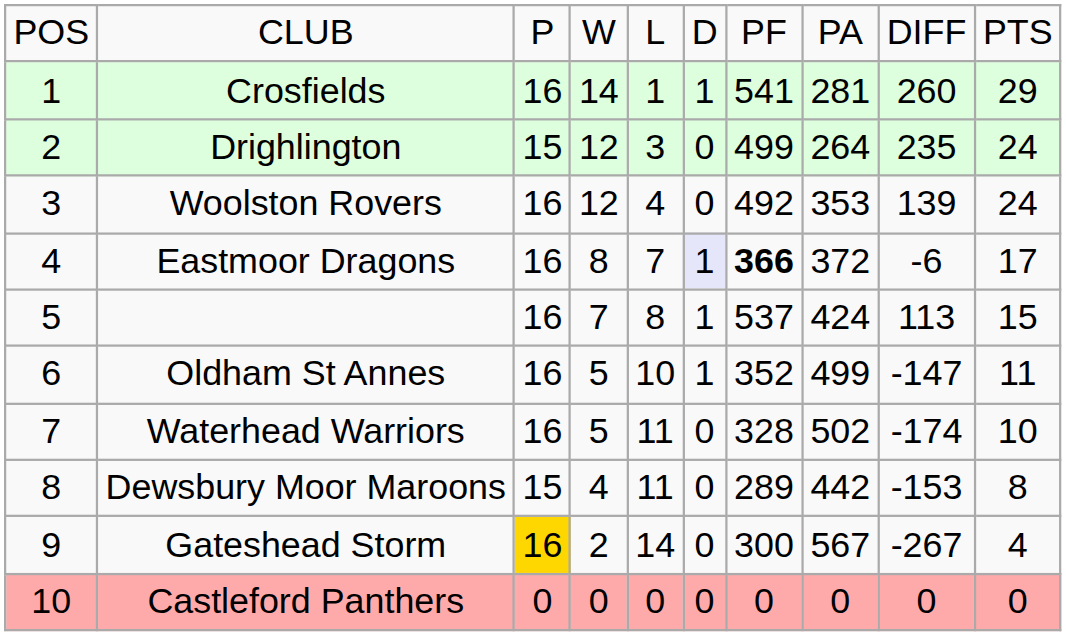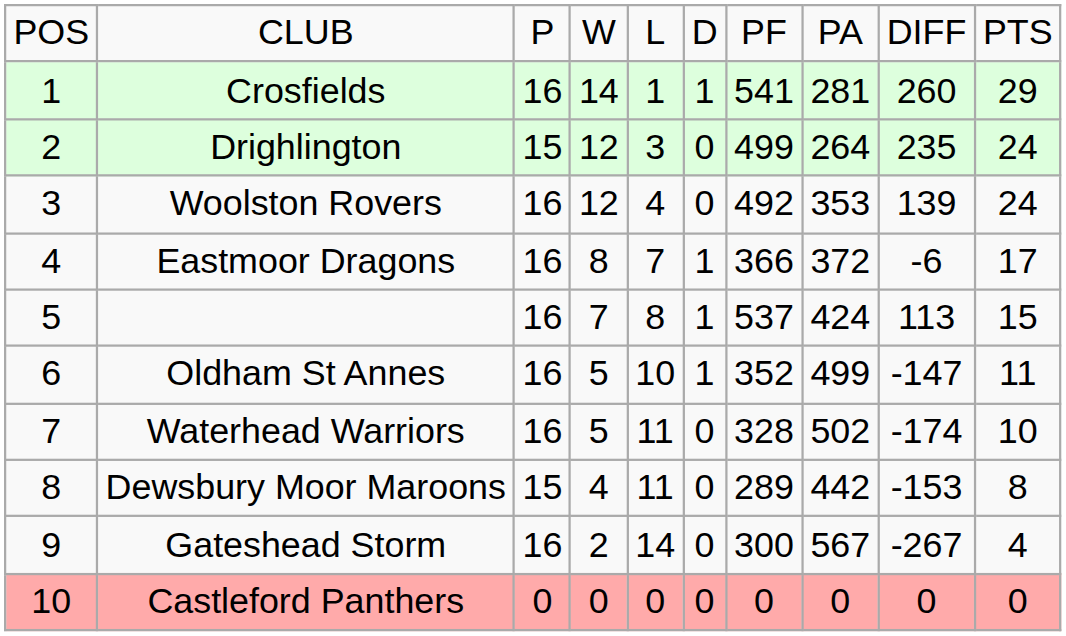 <table class="wikitable" style="text-align: center;">
 <tr>
 <td>POS</td>
 <td>CLUB</td>
 <td>P</td>
 <td>W</td>
 <td>L</td>
 <td>D</td>
 <td>PF</td>
 <td>PA</td>
 <td>DIFF</td>
 <td>PTS</td>
 </tr>
 <tr style="background:#ddffdd;">
 <td>1</td>
 <td>Crosfields</td>
 <td>16</td>
 <td>14</td>
 <td>1</td>
 <td>1</td>
 <td>541</td>
 <td>281</td>
 <td>260</td>
 <td>29</td>
 </tr>
 <tr style="background:#ddffdd;">
 <td>2</td>
 <td>Drighlington</td>
 <td>15</td>
 <td>12</td>
 <td>3</td>
 <td>0</td>
 <td>499</td>
 <td>264</td>
 <td>235</td>
 <td>24</td>
 </tr>
 <tr>
 <td>3</td>
 <td>Woolston Rovers</td>
 <td>16</td>
 <td>12</td>
 <td>4</td>
 <td>0</td>
 <td>492</td>
 <td>353</td>
 <td>139</td>
 <td>24</td>
 </tr>
 <tr>
 <td>4</td>
 <td>Eastmoor Dragons</td>
 <td>16</td>
 <td>8</td>
 <td>7</td>
-<td style="background: lavender;">1</td>
-<td><strong>366</strong></td>
+<td>1</td>
+<td>366</td>
 <td>372</td>
 <td>-6</td>
 <td>17</td>
 </tr>
 <tr>
 <td>5</td>
 <td></td>
 <td>16</td>
 <td>7</td>
 <td>8</td>
 <td>1</td>
 <td>537</td>
 <td>424</td>
 <td>113</td>
 <td>15</td>
 </tr>
 <tr>
 <td>6</td>
 <td>Oldham St Annes</td>
 <td>16</td>
 <td>5</td>
 <td>10</td>
 <td>1</td>
 <td>352</td>
 <td>499</td>
 <td>-147</td>
 <td>11</td>
 </tr>
 <tr>
 <td>7</td>
 <td>Waterhead Warriors</td>
 <td>16</td>
 <td>5</td>
 <td>11</td>
 <td>0</td>
 <td>328</td>
 <td>502</td>
 <td>-174</td>
 <td>10</td>
 </tr>
 <tr>
 <td>8</td>
 <td>Dewsbury Moor Maroons</td>
 <td>15</td>
 <td>4</td>
 <td>11</td>
 <td>0</td>
 <td>289</td>
 <td>442</td>
 <td>-153</td>
 <td>8</td>
 </tr>
 <tr>
 <td>9</td>
 <td>Gateshead Storm</td>
-<td style="background: gold;">16</td>
+<td>16</td>
 <td>2</td>
 <td>14</td>
 <td>0</td>
 <td>300</td>
 <td>567</td>
 <td>-267</td>
 <td>4</td>
 </tr>
 <tr style="background:#ffaaaa;">
 <td>10</td>
 <td>Castleford Panthers</td>
 <td>0</td>
 <td>0</td>
 <td>0</td>
 <td>0</td>
 <td>0</td>
 <td>0</td>
 <td>0</td>
 <td>0</td>
 </tr>
 </table>
